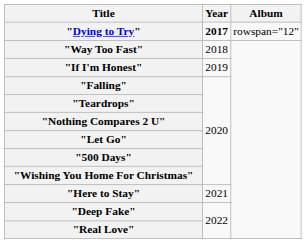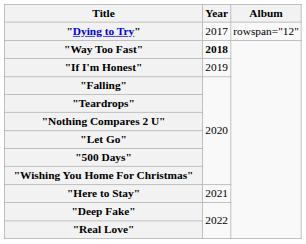 <table class="wikitable plainrowheaders" style="text-align:center;">
 <tr>
 <th scope="col" style="width:17em;">Title</th>
 <th scope="col" style="width:1em;">Year</th>
 <th scope="col">Album</th>
 </tr>
 <tr>
 <th scope="row">"<a href='#'>Dying to Try</a>"</th>
-<td><strong>2017</strong></td>
+<td>2017</td>
 <td>rowspan="12" </td>
 </tr>
 <tr>
 <th scope="row">"Way Too Fast"</th>
-<td>2018</td>
+<td><strong>2018</strong></td>
 </tr>
 <tr>
 <th scope="row">"If I'm Honest"</th>
 <td>2019</td>
 </tr>
 <tr>
 <th scope="row">"Falling"</th>
 <td rowspan="6">2020</td>
 </tr>
 <tr>
 <th scope="row">"Teardrops"</th>
 </tr>
 <tr>
 <th scope="row">"Nothing Compares 2 U"</th>
 </tr>
 <tr>
 <th scope="row">"Let Go"</th>
 </tr>
 <tr>
 <th scope="row">"500 Days"</th>
 </tr>
 <tr>
 <th scope="row">"Wishing You Home For Christmas"</th>
 </tr>
 <tr>
 <th scope="row">"Here to Stay"</th>
 <td>2021</td>
 </tr>
 <tr>
 <th scope="row">"Deep Fake"</th>
 <td rowspan="2">2022</td>
 </tr>
 <tr>
 <th scope="row">"Real Love"</th>
 </tr>
 </table>
